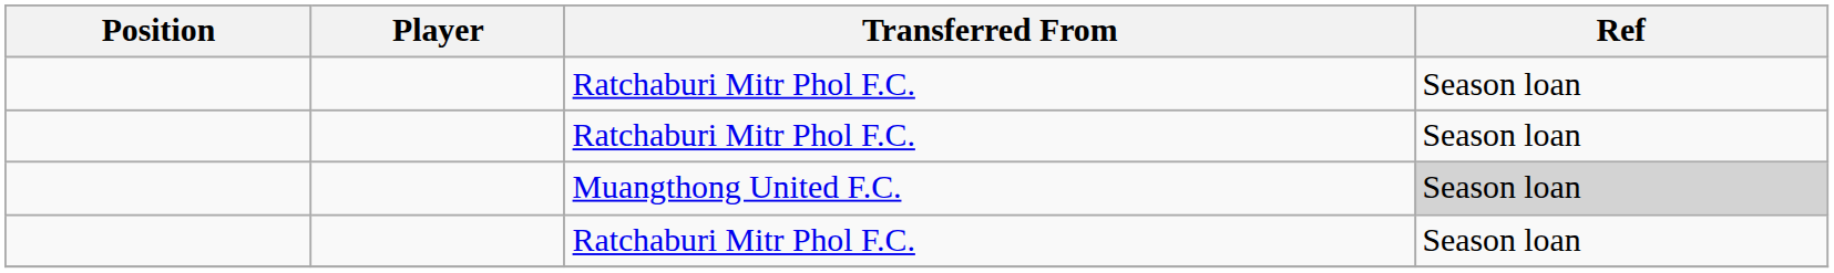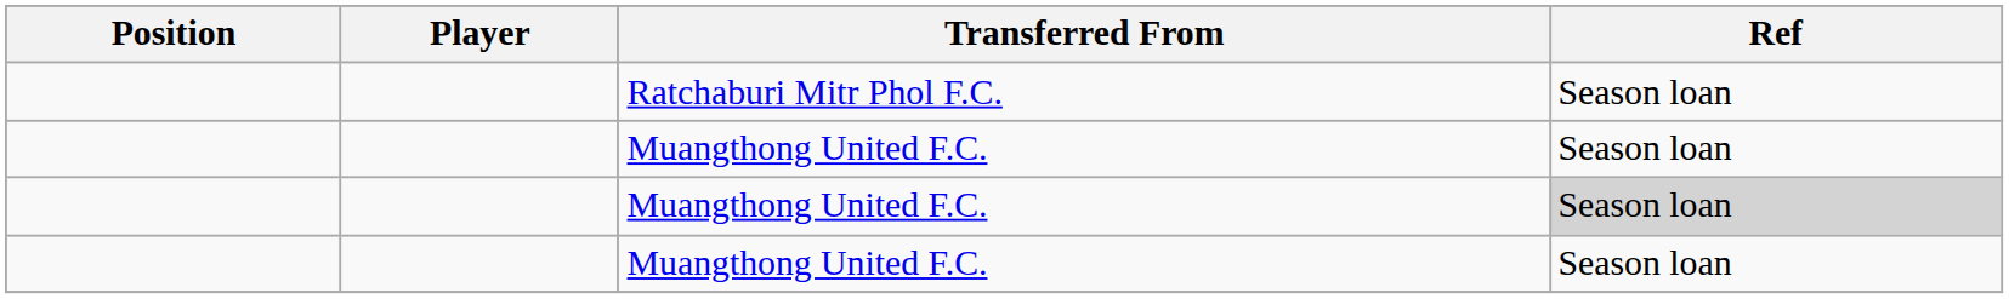 <table class="wikitable sortable" style="width:70%; text-align:center; font-size:100%; text-align:left;">
 <tr>
 <th>Position</th>
 <th>Player</th>
 <th>Transferred From</th>
 <th>Ref</th>
 </tr>
 <tr>
 <td></td>
 <td></td>
 <td> <a href='#'>Ratchaburi Mitr Phol F.C.</a></td>
 <td>Season loan </td>
 </tr>
 <tr>
 <td></td>
 <td></td>
-<td> <a href='#'>Ratchaburi Mitr Phol F.C.</a></td>
+<td> <a href='#'>Muangthong United F.C.</a></td>
 <td>Season loan </td>
 </tr>
 <tr>
 <td></td>
 <td></td>
 <td> <a href='#'>Muangthong United F.C.</a></td>
 <td style="background: lightgrey;">Season loan </td>
 </tr>
 <tr>
 <td></td>
 <td></td>
-<td> <a href='#'>Ratchaburi Mitr Phol F.C.</a></td>
+<td> <a href='#'>Muangthong United F.C.</a></td>
 <td>Season loan </td>
 </tr>
 <tr>
 </tr>
 </table>
